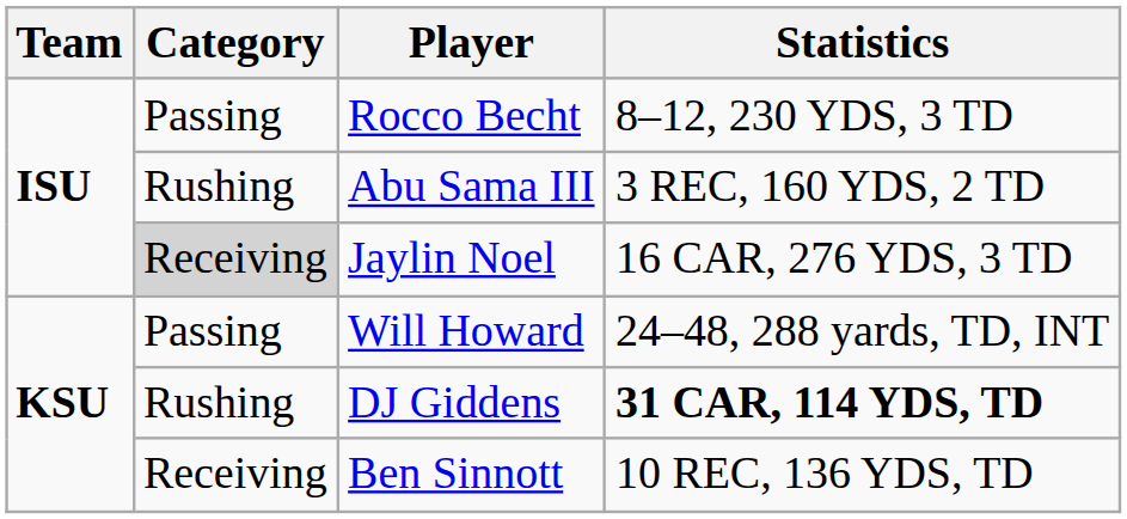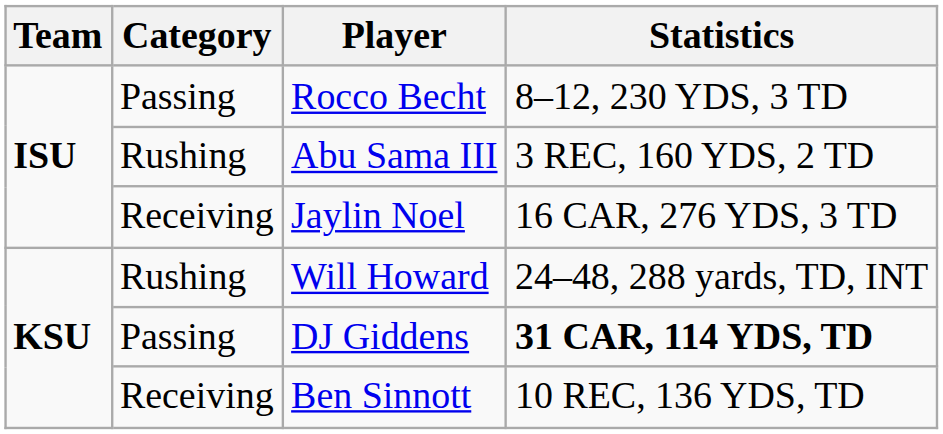 <table class="wikitable" style="float: right;">
 <tr>
 <th>Team</th>
 <th>Category</th>
 <th>Player</th>
 <th>Statistics</th>
 </tr>
 <tr>
 <td rowspan=3><strong>ISU</strong></td>
 <td>Passing</td>
 <td><a href='#'>Rocco Becht</a></td>
 <td>8–12, 230 YDS, 3 TD</td>
 </tr>
 <tr>
 <td>Rushing</td>
 <td><a href='#'>Abu Sama III</a></td>
 <td>3 REC, 160 YDS, 2 TD</td>
 </tr>
 <tr>
-<td style="background: lightgrey;">Receiving</td>
+<td>Receiving</td>
 <td><a href='#'>Jaylin Noel</a></td>
 <td>16 CAR, 276 YDS, 3 TD</td>
 </tr>
 <tr>
 <td rowspan=3><strong>KSU</strong></td>
-<td>Passing</td>
+<td>Rushing</td>
 <td><a href='#'>Will Howard</a></td>
 <td>24–48, 288 yards, TD, INT</td>
 </tr>
 <tr>
-<td>Rushing</td>
+<td>Passing</td>
 <td><a href='#'>DJ Giddens</a></td>
 <td><strong>31 CAR, 114 YDS, TD</strong></td>
 </tr>
 <tr>
 <td>Receiving</td>
 <td><a href='#'>Ben Sinnott</a></td>
 <td>10 REC, 136 YDS, TD</td>
 </tr>
 </table>
